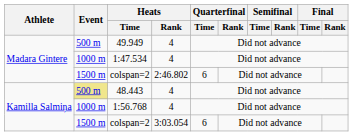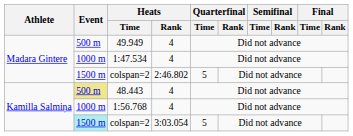 <table class="wikitable" style="font-size:90%">
 <tr>
 <th rowspan=2>Athlete</th>
 <th rowspan=2>Event</th>
 <th colspan=2>Heats</th>
 <th colspan=2>Quarterfinal</th>
 <th colspan=2>Semifinal</th>
 <th colspan=2>Final</th>
 </tr>
 <tr style="font-size:95%">
 <th>Time</th>
 <th>Rank</th>
 <th>Time</th>
 <th>Rank</th>
 <th>Time</th>
 <th>Rank</th>
 <th>Time</th>
 <th>Rank</th>
 </tr>
 <tr align=center>
 <td align=left rowspan=3><a href='#'>Madara Gintere</a></td>
 <td align=left><a href='#'>500 m</a></td>
 <td>49.949</td>
 <td>4</td>
 <td colspan=6>Did not advance</td>
 </tr>
 <tr align=center>
 <td align=left><a href='#'>1000 m</a></td>
 <td>1:47.534</td>
 <td>4</td>
 <td colspan=6>Did not advance</td>
 </tr>
 <tr align=center>
 <td align=left><a href='#'>1500 m</a></td>
 <td>colspan=2</td>
 <td>2:46.802</td>
-<td>6</td>
+<td>5</td>
 <td colspan=4>Did not advance</td>
 </tr>
 <tr align=center>
 <td align=left rowspan=3><a href='#'>Kamilla Salmiņa</a></td>
 <td align=left style="background: khaki;"><a href='#'>500 m</a></td>
 <td>48.443</td>
 <td>4</td>
 <td colspan=6>Did not advance</td>
 </tr>
 <tr align=center>
 <td align=left><a href='#'>1000 m</a></td>
 <td>1:56.768</td>
 <td>4</td>
 <td colspan=6>Did not advance</td>
 </tr>
 <tr align=center>
-<td align=left><a href='#'>1500 m</a></td>
+<td align=left style="background: paleturquoise;"><a href='#'>1500 m</a></td>
 <td>colspan=2</td>
 <td>3:03.054</td>
-<td>6</td>
+<td>5</td>
 <td colspan=4>Did not advance</td>
 </tr>
 </table>
